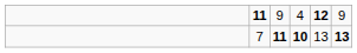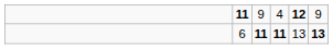 <table class="wikitable">
 <tr>
 <td style="width:18em"></td>
 <td align=center style="width:1em"><strong>11</strong></td>
 <td align=center style="width:1em">9</td>
 <td align=center style="width:1em">4</td>
 <td align=center style="width:1em"><strong>12</strong></td>
 <td align=center style="width:1em">9</td>
 </tr>
 <tr>
 <td style="width:18em"><strong></strong></td>
-<td align=center style="width:1em">7</td>
+<td align=center style="width:1em">6</td>
 <td align=center style="width:1em"><strong>11</strong></td>
-<td align=center style="width:1em"><strong>10</strong></td>
+<td align=center style="width:1em"><strong>11</strong></td>
 <td align=center style="width:1em">13</td>
 <td align=center style="width:1em"><strong>13</strong></td>
 </tr>
 </table>
